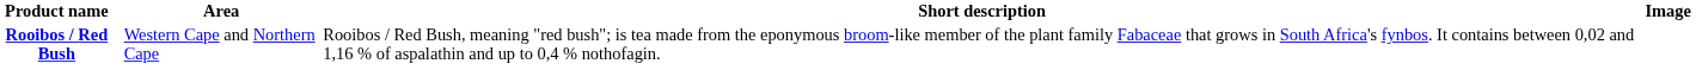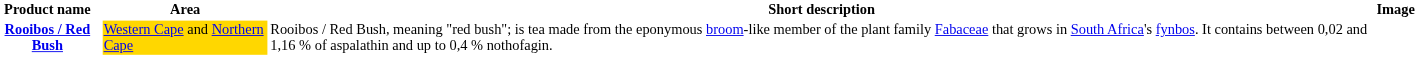 <table>
 <tr>
 <th>Product name</th>
 <th>Area</th>
 <th>Short description</th>
 <th>Image</th>
 </tr>
 <tr>
 <th><a href='#'>Rooibos / Red Bush</a></th>
-<td><a href='#'>Western Cape</a> and <a href='#'>Northern Cape</a></td>
+<td style="background: gold;"><a href='#'>Western Cape</a> and <a href='#'>Northern Cape</a></td>
 <td>Rooibos / Red Bush, meaning "red bush"; is tea made from the eponymous <a href='#'>broom</a>-like member of the plant family <a href='#'>Fabaceae</a> that grows in <a href='#'>South Africa</a>'s <a href='#'>fynbos</a>. It contains between 0,02 and 1,16 % of aspalathin and up to 0,4 % nothofagin.</td>
 <td></td>
 </tr>
 <tr>
 </tr>
 </table>
